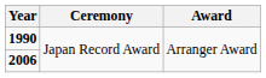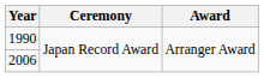 <table class="wikitable">
 <tr>
 <th>Year</th>
 <th>Ceremony</th>
 <th>Award</th>
 </tr>
 <tr>
-<td><strong>1990</strong></td>
+<td>1990</td>
 <td rowspan="2">Japan Record Award</td>
 <td rowspan="2">Arranger Award</td>
 </tr>
 <tr>
-<td><strong>2006</strong></td>
+<td>2006</td>
 </tr>
 </table>
